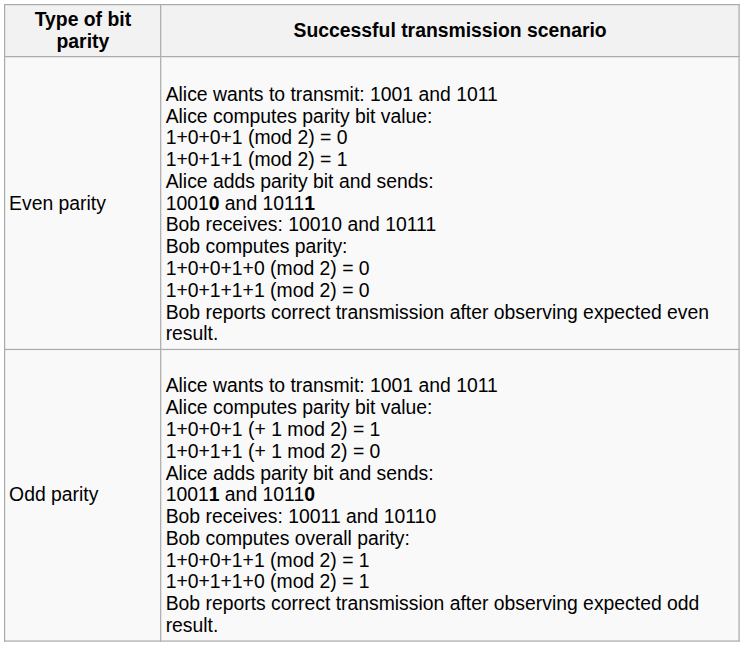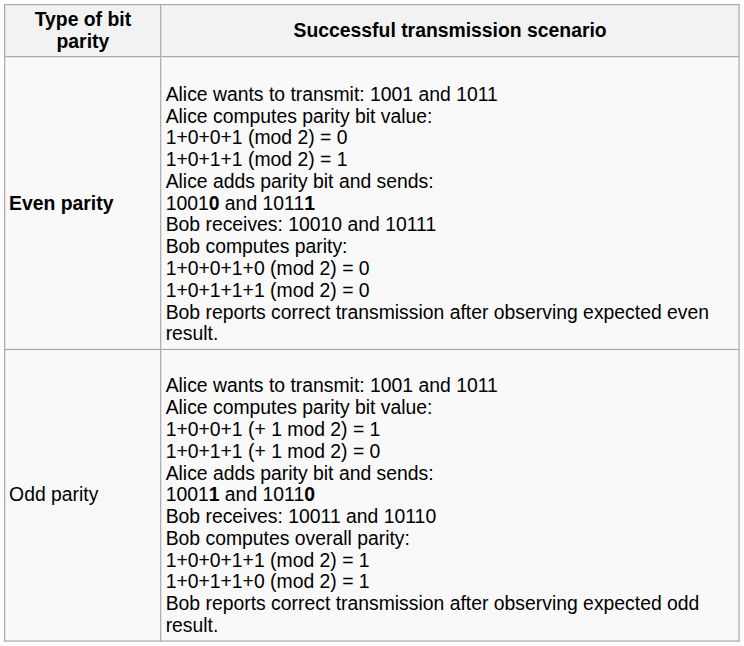 <table class="wikitable">
 <tr>
 <th>Type of bit parity</th>
 <th>Successful transmission scenario</th>
 </tr>
 <tr>
-<td>Even parity</td>
+<td><strong>Even parity</strong></td>
 <td><br>Alice wants to transmit:          1001 and 1011<br>Alice computes parity bit value: <br>1+0+0+1 (mod 2) = 0 <br>1+0+1+1 (mod 2) = 1<br>Alice adds parity bit and sends: <br>1001<strong>0</strong> and 1011<strong>1</strong><br>Bob receives:                   10010 and 10111<br>Bob computes parity:            <br>1+0+0+1+0 (mod 2) = 0 <br>1+0+1+1+1 (mod 2) = 0<br>Bob reports correct transmission after observing expected even result.</td>
 </tr>
 <tr>
 <td>Odd parity</td>
 <td><br>Alice wants to transmit:          1001 and 1011<br>Alice computes parity bit value:  <br>1+0+0+1 (+ 1 mod 2) = 1 <br>1+0+1+1 (+ 1 mod 2) = 0<br>Alice adds parity bit and sends: <br>1001<strong>1</strong> and 1011<strong>0</strong><br>Bob receives:                   10011 and 10110<br>Bob computes overall parity:    <br>1+0+0+1+1 (mod 2) = 1 <br>1+0+1+1+0 (mod 2) = 1<br>Bob reports correct transmission after observing expected odd result.</td>
 </tr>
 </table>
